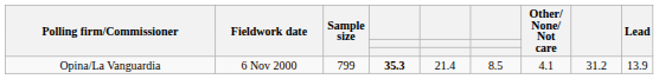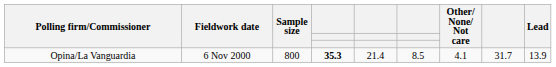 <table class="wikitable collapsible collapsed" style="text-align:center; font-size:90%; line-height:14px;">
 <tr style="height:42px;">
 <th style="width:250px;" rowspan="3">Polling firm/Commissioner</th>
 <th style="width:125px;" rowspan="3">Fieldwork date</th>
 <th style="width:50px;" rowspan="3">Sample size</th>
 <th style="width:55px;"></th>
 <th style="width:55px;"></th>
 <th style="width:55px;"></th>
 <th style="width:55px;" rowspan="3">Other/<br>None/<br>Not<br>care</th>
 <th style="width:55px;" rowspan="3"></th>
 <th style="width:30px;" rowspan="3">Lead</th>
 </tr>
 <tr>
 <th style="color:inherit;background:"></th>
 <th style="color:inherit;background:"></th>
 <th style="color:inherit;background:"></th>
 </tr>
 <tr>
 <th></th>
 <th></th>
 <th></th>
 </tr>
 <tr>
 <td>Opina/La Vanguardia</td>
 <td>6 Nov 2000</td>
-<td>799</td>
+<td>800</td>
 <td><strong>35.3</strong></td>
 <td>21.4</td>
 <td>8.5</td>
 <td>4.1</td>
-<td>31.2</td>
+<td>31.7</td>
 <td style="background:">13.9</td>
 </tr>
 </table>
